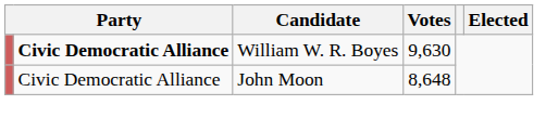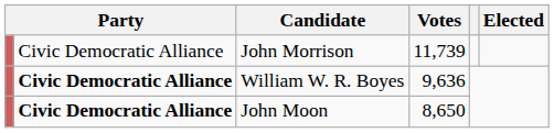 <table class="wikitable">
 <tr>
 <th colspan="2">Party</th>
 <th>Candidate</th>
 <th>Votes</th>
 <th></th>
 <th>Elected<br> </th>
 </tr>
 <tr>
 <td bgcolor="indianred"></td>
-<td><strong>Civic Democratic Alliance</strong></td>
-<td>William W. R. Boyes</td>
-<td align="right">9,630</td>
+<td>Civic Democratic Alliance</td>
+<td>John Morrison</td>
+<td align="right">11,739</td>
+<td></td>
+<td align="center"><br> </td>
 </tr>
 <tr>
 <td bgcolor="indianred"></td>
-<td>Civic Democratic Alliance</td>
+<td><strong>Civic Democratic Alliance</strong></td>
+<td>William W. R. Boyes</td>
+<td align="right">9,636</td>
+</tr>
+<tr>
+<td bgcolor="indianred"></td>
+<td><strong>Civic Democratic Alliance</strong></td>
 <td>John Moon</td>
-<td align="right">8,648</td>
+<td align="right">8,650</td>
 </tr>
 </table>
